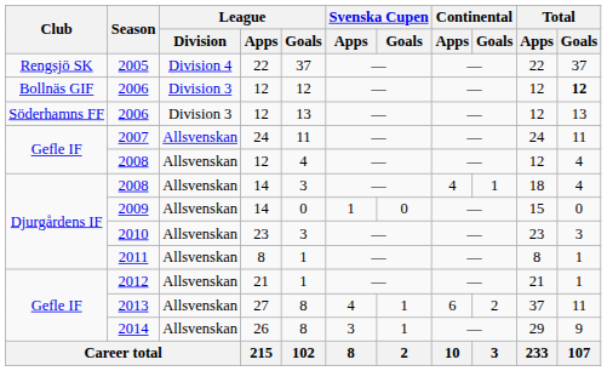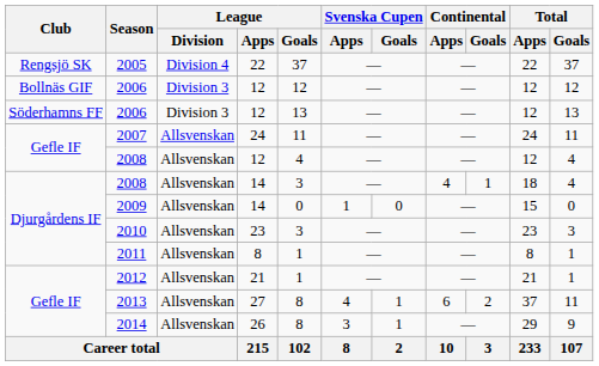 <table class="wikitable" style="text-align: center;">
 <tr>
 <th rowspan=2>Club</th>
 <th rowspan=2>Season</th>
 <th colspan=3>League</th>
 <th colspan=2><a href='#'>Svenska Cupen</a></th>
 <th colspan=2>Continental</th>
 <th colspan=2>Total</th>
 </tr>
 <tr>
 <th>Division</th>
 <th>Apps</th>
 <th>Goals</th>
 <th>Apps</th>
 <th>Goals</th>
 <th>Apps</th>
 <th>Goals</th>
 <th>Apps</th>
 <th>Goals</th>
 </tr>
 <tr>
 <td><a href='#'>Rengsjö SK</a></td>
 <td><a href='#'>2005</a></td>
 <td><a href='#'>Division 4</a></td>
 <td>22</td>
 <td>37</td>
 <td colspan="2">—</td>
 <td colspan="2">—</td>
 <td>22</td>
 <td>37</td>
 </tr>
 <tr>
 <td><a href='#'>Bollnäs GIF</a></td>
 <td><a href='#'>2006</a></td>
 <td><a href='#'>Division 3</a></td>
 <td>12</td>
 <td>12</td>
 <td colspan="2">—</td>
 <td colspan="2">—</td>
 <td>12</td>
-<td><strong>12</strong></td>
+<td>12</td>
 </tr>
 <tr>
 <td><a href='#'>Söderhamns FF</a></td>
 <td><a href='#'>2006</a></td>
 <td>Division 3</td>
 <td>12</td>
 <td>13</td>
 <td colspan="2">—</td>
 <td colspan="2">—</td>
 <td>12</td>
 <td>13</td>
 </tr>
 <tr>
 <td rowspan="2"><a href='#'>Gefle IF</a></td>
 <td><a href='#'>2007</a></td>
 <td><a href='#'>Allsvenskan</a></td>
 <td>24</td>
 <td>11</td>
 <td colspan="2">—</td>
 <td colspan="2">—</td>
 <td>24</td>
 <td>11</td>
 </tr>
 <tr>
 <td><a href='#'>2008</a></td>
 <td>Allsvenskan</td>
 <td>12</td>
 <td>4</td>
 <td colspan="2">—</td>
 <td colspan="2">—</td>
 <td>12</td>
 <td>4</td>
 </tr>
 <tr>
 <td rowspan="4"><a href='#'>Djurgårdens IF</a></td>
 <td><a href='#'>2008</a></td>
 <td>Allsvenskan</td>
 <td>14</td>
 <td>3</td>
 <td colspan="2">—</td>
 <td>4</td>
 <td>1</td>
 <td>18</td>
 <td>4</td>
 </tr>
 <tr>
 <td><a href='#'>2009</a></td>
 <td>Allsvenskan</td>
 <td>14</td>
 <td>0</td>
 <td>1</td>
 <td>0</td>
 <td colspan="2">—</td>
 <td>15</td>
 <td>0</td>
 </tr>
 <tr>
 <td><a href='#'>2010</a></td>
 <td>Allsvenskan</td>
 <td>23</td>
 <td>3</td>
 <td colspan="2">—</td>
 <td colspan="2">—</td>
 <td>23</td>
 <td>3</td>
 </tr>
 <tr>
 <td><a href='#'>2011</a></td>
 <td>Allsvenskan</td>
 <td>8</td>
 <td>1</td>
 <td colspan="2">—</td>
 <td colspan="2">—</td>
 <td>8</td>
 <td>1</td>
 </tr>
 <tr>
 <td rowspan="3"><a href='#'>Gefle IF</a></td>
 <td><a href='#'>2012</a></td>
 <td>Allsvenskan</td>
 <td>21</td>
 <td>1</td>
 <td colspan="2">—</td>
 <td colspan="2">—</td>
 <td>21</td>
 <td>1</td>
 </tr>
 <tr>
 <td><a href='#'>2013</a></td>
 <td>Allsvenskan</td>
 <td>27</td>
 <td>8</td>
 <td>4</td>
 <td>1</td>
 <td>6</td>
 <td>2</td>
 <td>37</td>
 <td>11</td>
 </tr>
 <tr>
 <td><a href='#'>2014</a></td>
 <td>Allsvenskan</td>
 <td>26</td>
 <td>8</td>
 <td>3</td>
 <td>1</td>
 <td colspan="2">—</td>
 <td>29</td>
 <td>9</td>
 </tr>
 <tr>
 <th colspan="3">Career total</th>
 <th>215</th>
 <th>102</th>
 <th>8</th>
 <th>2</th>
 <th>10</th>
 <th>3</th>
 <th>233</th>
 <th>107</th>
 </tr>
 </table>
